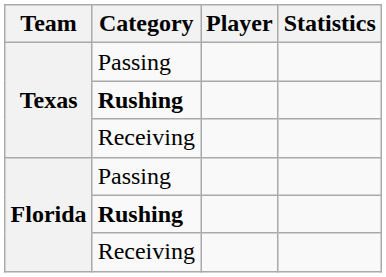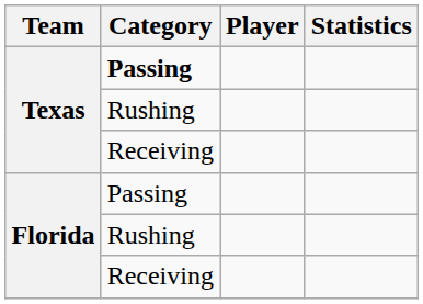 <table class="wikitable" style="float:right">
 <tr>
 <th>Team</th>
 <th>Category</th>
 <th>Player</th>
 <th>Statistics</th>
 </tr>
 <tr>
 <th rowspan=3>Texas</th>
-<td>Passing</td>
+<td><strong>Passing</strong></td>
 <td></td>
 <td></td>
 </tr>
 <tr>
-<td><strong>Rushing</strong></td>
+<td>Rushing</td>
 <td></td>
 <td></td>
 </tr>
 <tr>
 <td>Receiving</td>
 <td></td>
 <td></td>
 </tr>
 <tr>
 <th rowspan=3>Florida</th>
 <td>Passing</td>
 <td></td>
 <td></td>
 </tr>
 <tr>
-<td><strong>Rushing</strong></td>
+<td>Rushing</td>
 <td></td>
 <td></td>
 </tr>
 <tr>
 <td>Receiving</td>
 <td></td>
 <td></td>
 </tr>
 </table>
